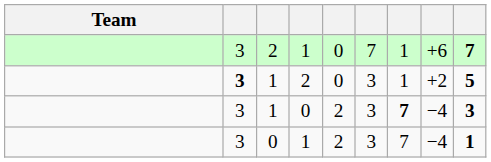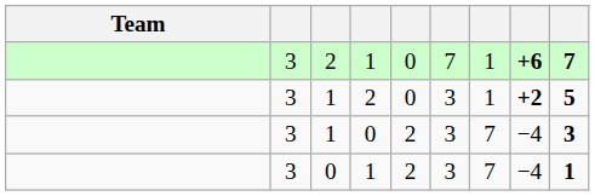 <table class="wikitable" style="text-align: center;">
 <tr>
 <th width="175">Team</th>
 <th width="20"></th>
 <th width="20"></th>
 <th width="20"></th>
 <th width="20"></th>
 <th width="20"></th>
 <th width="20"></th>
 <th width="20"></th>
 <th width="20"></th>
 </tr>
 <tr bgcolor="#ccffcc">
 <td align=left></td>
 <td>3</td>
 <td>2</td>
 <td>1</td>
 <td>0</td>
 <td>7</td>
 <td>1</td>
-<td>+6</td>
+<td><strong>+6</strong></td>
 <td><strong>7</strong></td>
 </tr>
 <tr bgcolor=>
 <td align=left></td>
-<td><strong>3</strong></td>
+<td>3</td>
 <td>1</td>
 <td>2</td>
 <td>0</td>
 <td>3</td>
 <td>1</td>
-<td>+2</td>
+<td><strong>+2</strong></td>
 <td><strong>5</strong></td>
 </tr>
 <tr bgcolor=>
 <td align=left><em></em></td>
 <td>3</td>
 <td>1</td>
 <td>0</td>
 <td>2</td>
 <td>3</td>
-<td><strong>7</strong></td>
+<td>7</td>
 <td>−4</td>
 <td><strong>3</strong></td>
 </tr>
 <tr bgcolor=>
 <td align=left></td>
 <td>3</td>
 <td>0</td>
 <td>1</td>
 <td>2</td>
 <td>3</td>
 <td>7</td>
 <td>−4</td>
 <td><strong>1</strong></td>
 </tr>
 </table>
